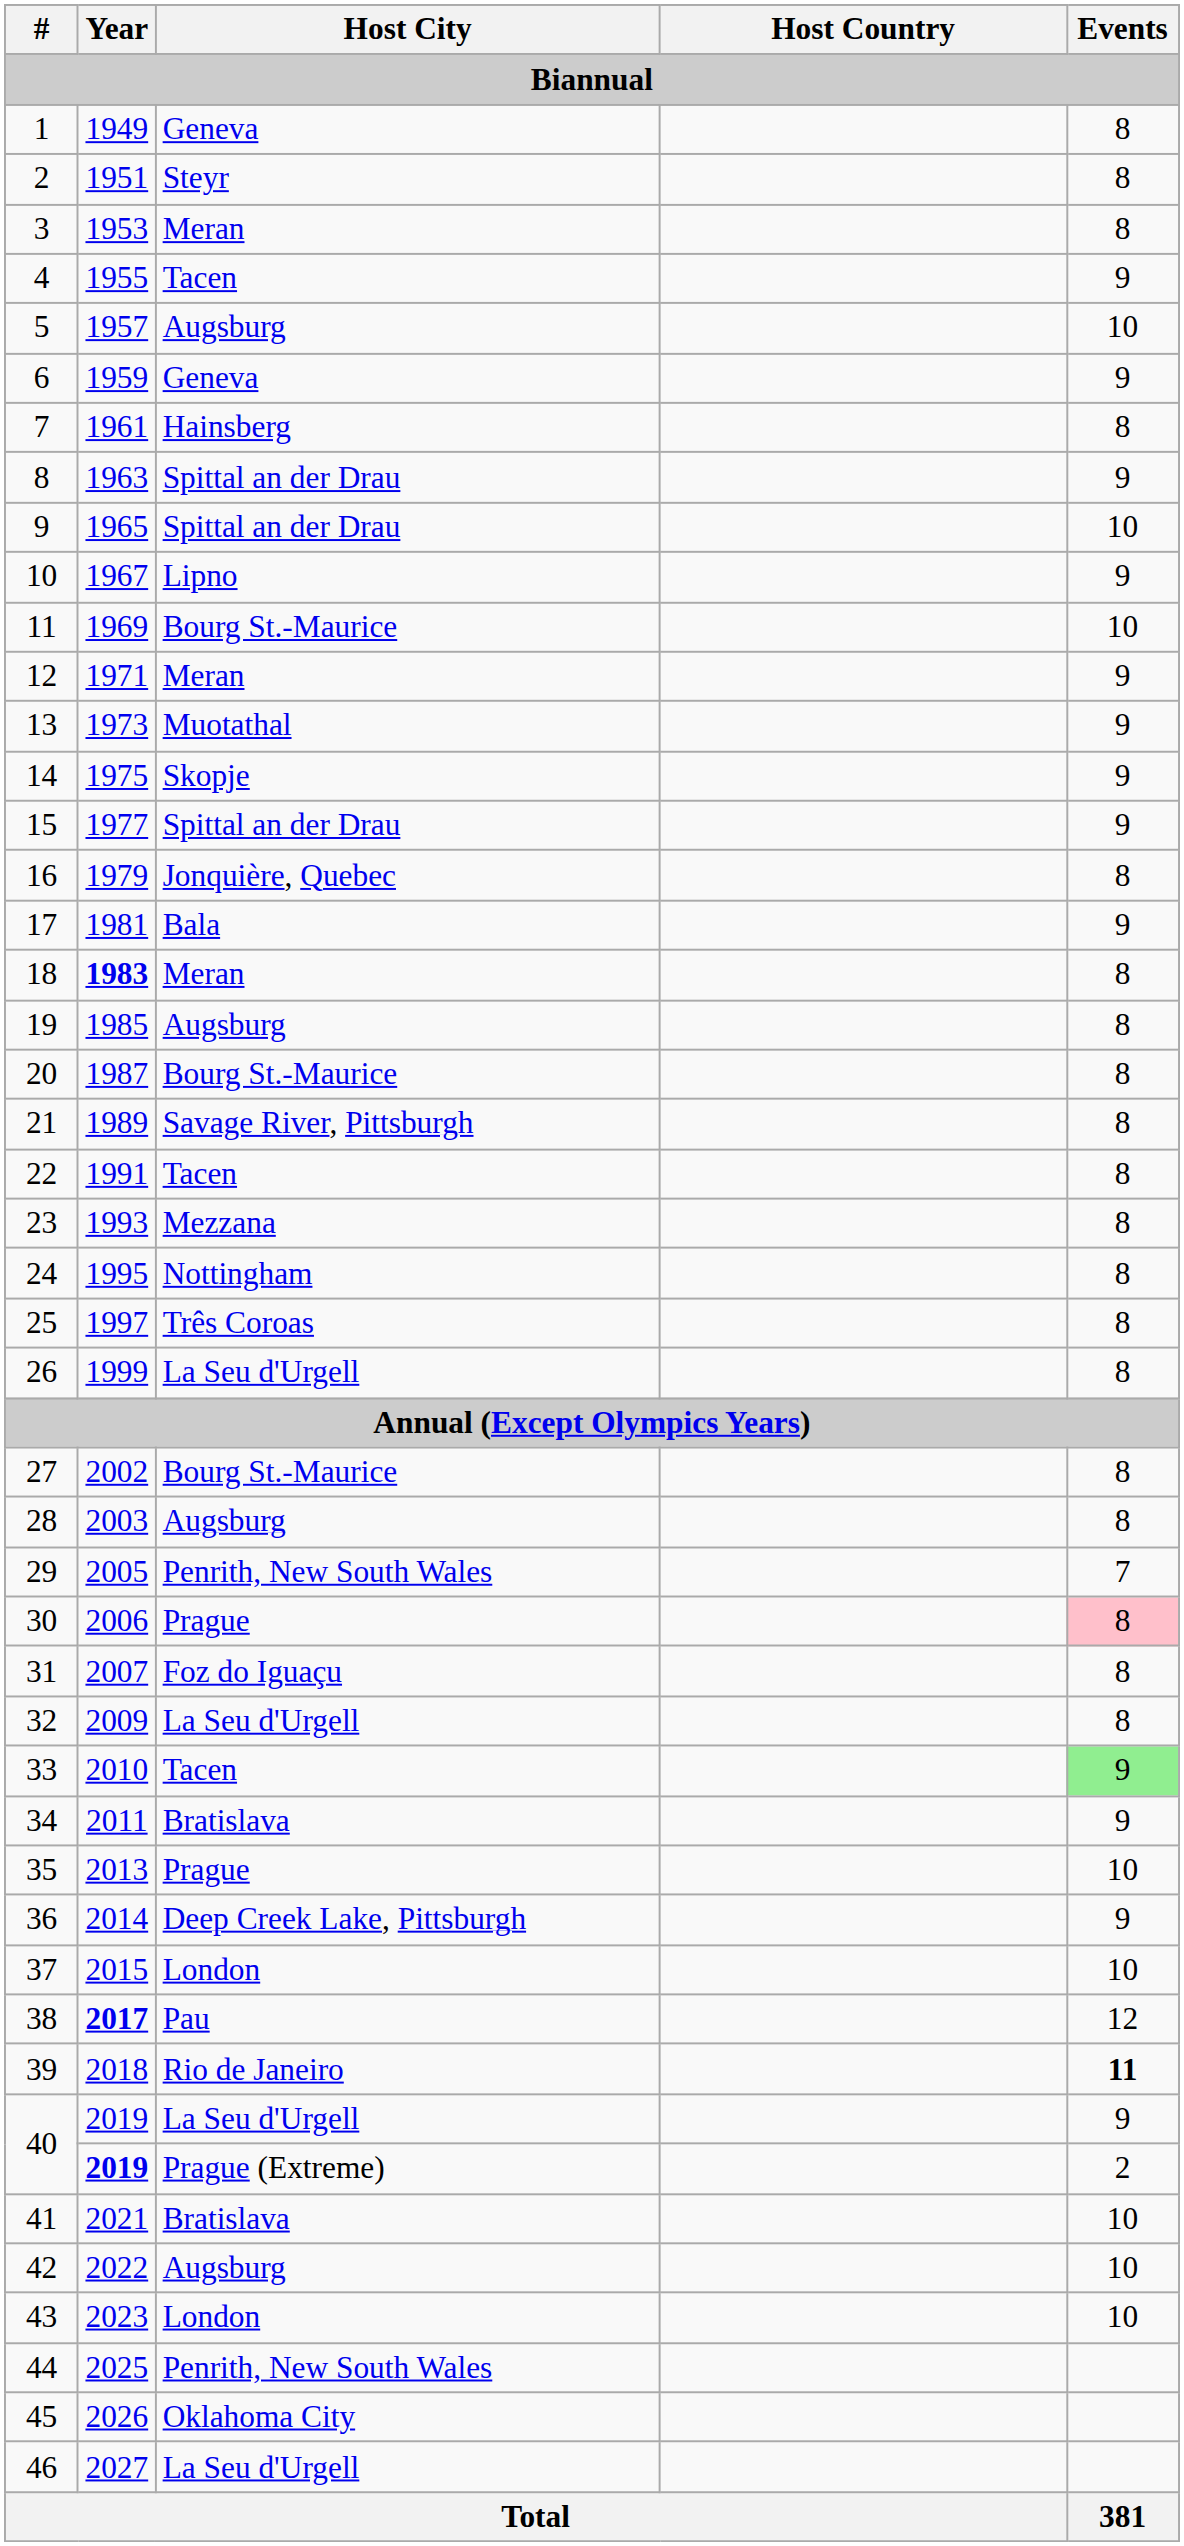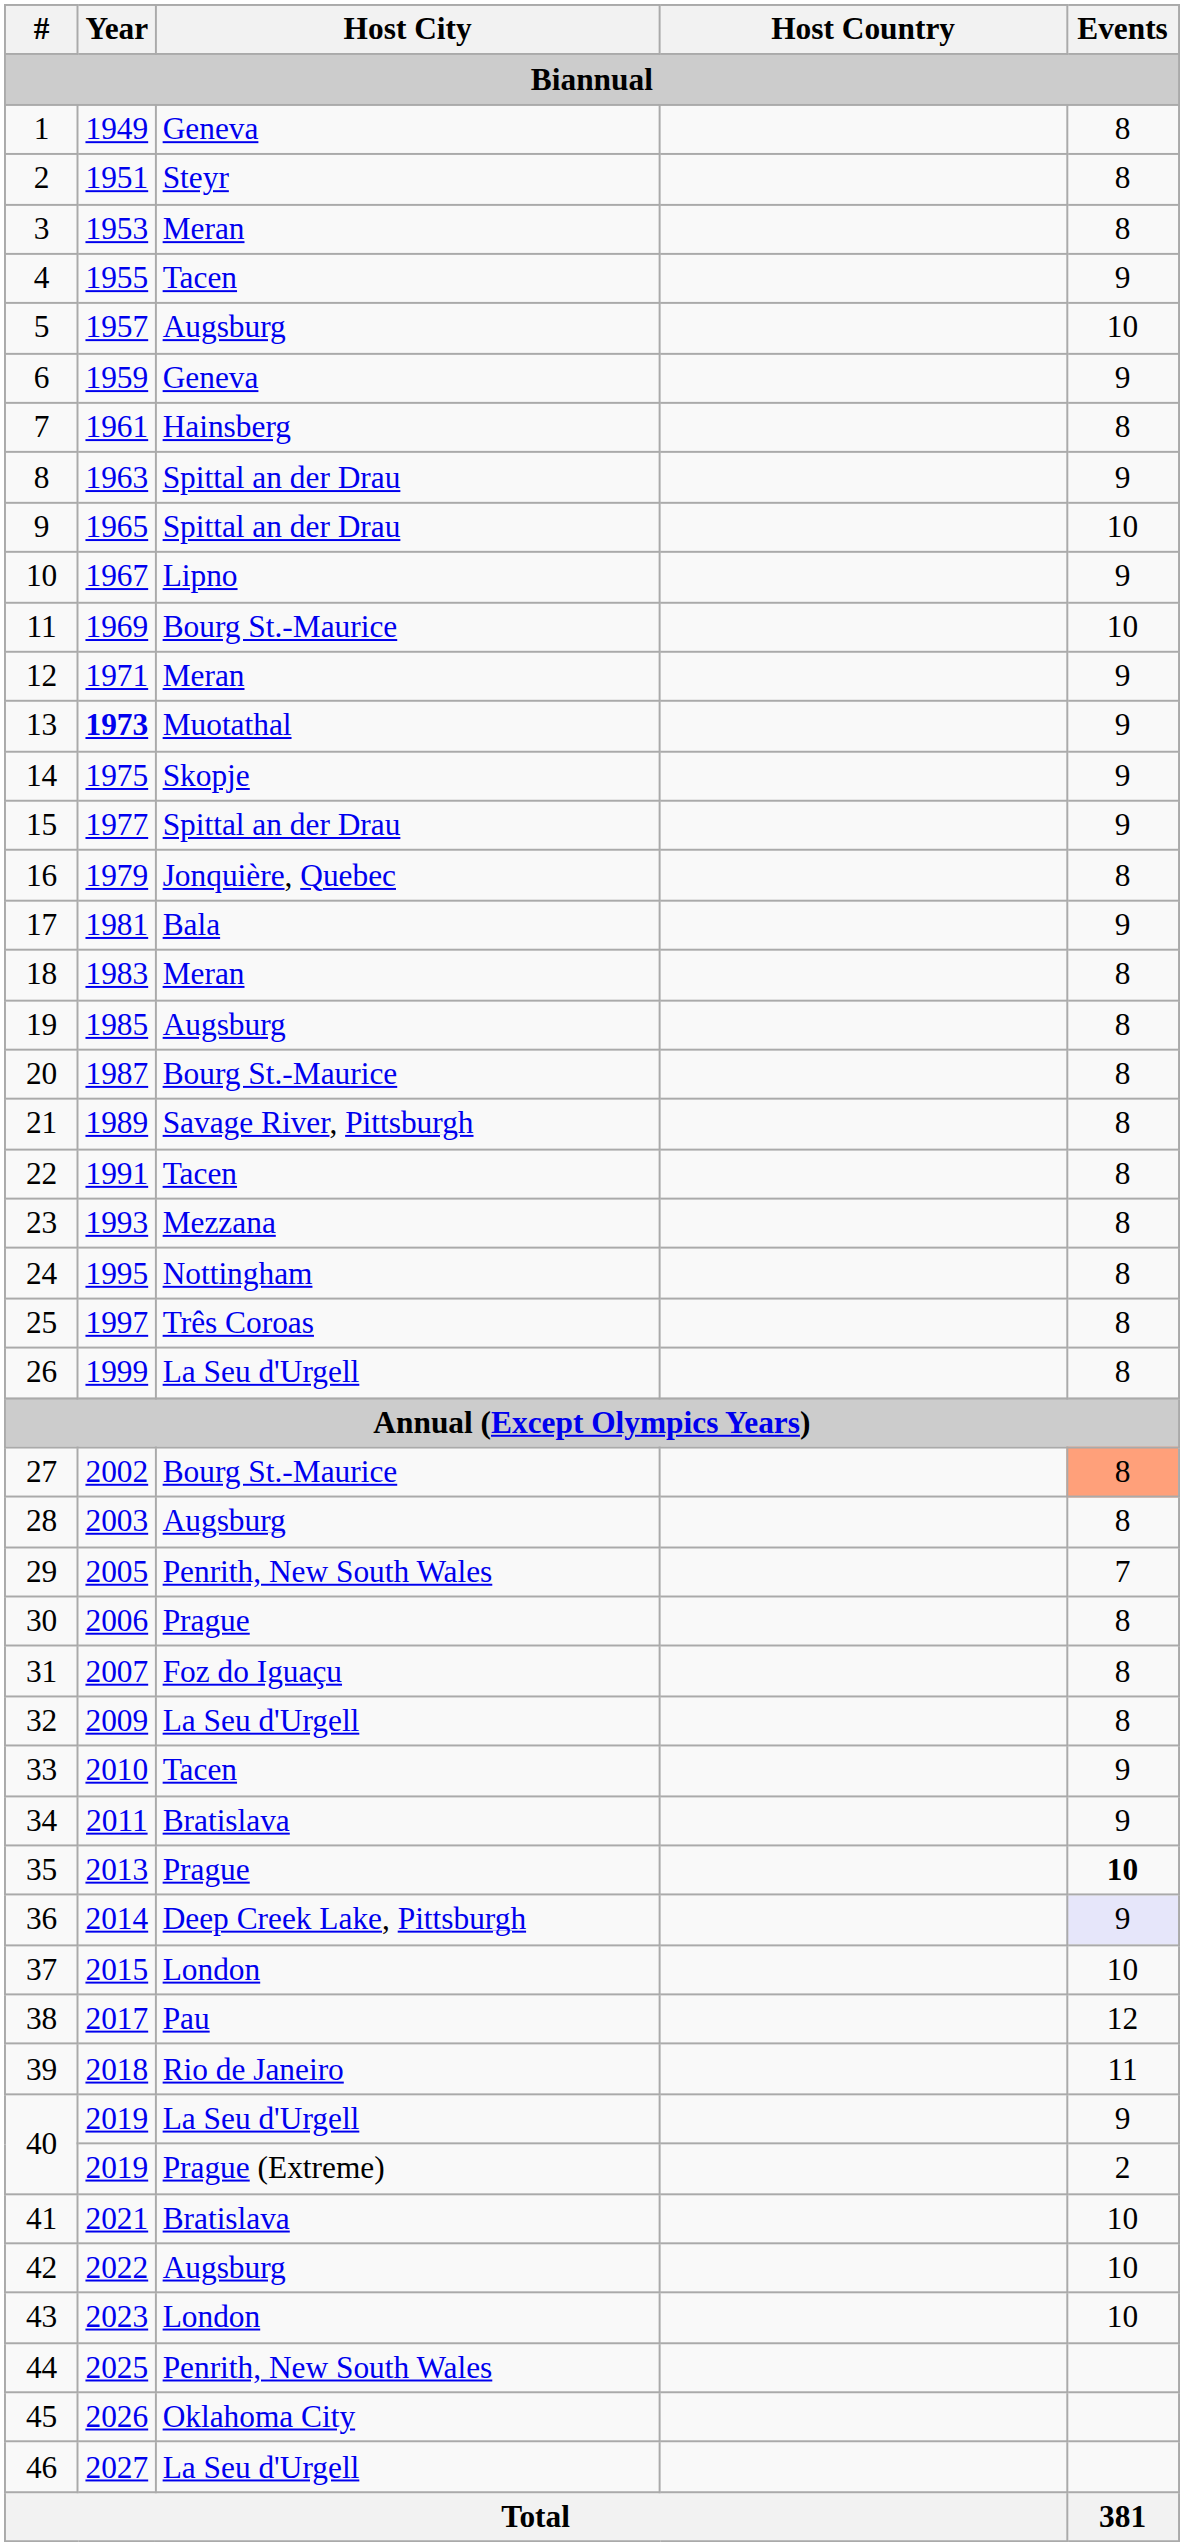 <table class="wikitable sortable" style="font-size:100%">
 <tr>
 <th width=30>#</th>
 <th width=30>Year</th>
 <th width=250>Host City</th>
 <th width=200>Host Country</th>
 <th width=50>Events</th>
 </tr>
 <tr>
 <td colspan="5" bgcolor="#cccccc"align=center><strong>Biannual</strong></td>
 </tr>
 <tr>
 <td align=center>1</td>
 <td align=center><a href='#'>1949</a></td>
 <td><a href='#'>Geneva</a></td>
 <td></td>
 <td align=center>8</td>
 </tr>
 <tr>
 <td align=center>2</td>
 <td align=center><a href='#'>1951</a></td>
 <td><a href='#'>Steyr</a></td>
 <td></td>
 <td align=center>8</td>
 </tr>
 <tr>
 <td align=center>3</td>
 <td align=center><a href='#'>1953</a></td>
 <td><a href='#'>Meran</a></td>
 <td></td>
 <td align=center>8</td>
 </tr>
 <tr>
 <td align=center>4</td>
 <td align=center><a href='#'>1955</a></td>
 <td><a href='#'>Tacen</a></td>
 <td></td>
 <td align=center>9</td>
 </tr>
 <tr>
 <td align=center>5</td>
 <td align=center><a href='#'>1957</a></td>
 <td><a href='#'>Augsburg</a></td>
 <td></td>
 <td align=center>10</td>
 </tr>
 <tr>
 <td align=center>6</td>
 <td align=center><a href='#'>1959</a></td>
 <td><a href='#'>Geneva</a></td>
 <td></td>
 <td align=center>9</td>
 </tr>
 <tr>
 <td align=center>7</td>
 <td align=center><a href='#'>1961</a></td>
 <td><a href='#'>Hainsberg</a></td>
 <td></td>
 <td align=center>8</td>
 </tr>
 <tr>
 <td align=center>8</td>
 <td align=center><a href='#'>1963</a></td>
 <td><a href='#'>Spittal an der Drau</a></td>
 <td></td>
 <td align=center>9</td>
 </tr>
 <tr>
 <td align=center>9</td>
 <td align=center><a href='#'>1965</a></td>
 <td><a href='#'>Spittal an der Drau</a></td>
 <td></td>
 <td align=center>10</td>
 </tr>
 <tr>
 <td align=center>10</td>
 <td align=center><a href='#'>1967</a></td>
 <td><a href='#'>Lipno</a></td>
 <td></td>
 <td align=center>9</td>
 </tr>
 <tr>
 <td align=center>11</td>
 <td align=center><a href='#'>1969</a></td>
 <td><a href='#'>Bourg St.-Maurice</a></td>
 <td></td>
 <td align=center>10</td>
 </tr>
 <tr>
 <td align=center>12</td>
 <td align=center><a href='#'>1971</a></td>
 <td><a href='#'>Meran</a></td>
 <td></td>
 <td align=center>9</td>
 </tr>
 <tr>
 <td align=center>13</td>
-<td align=center><a href='#'>1973</a></td>
+<td align=center><strong><a href='#'>1973</a></strong></td>
 <td><a href='#'>Muotathal</a></td>
 <td></td>
 <td align=center>9</td>
 </tr>
 <tr>
 <td align=center>14</td>
 <td align=center><a href='#'>1975</a></td>
 <td><a href='#'>Skopje</a></td>
 <td></td>
 <td align=center>9</td>
 </tr>
 <tr>
 <td align=center>15</td>
 <td align=center><a href='#'>1977</a></td>
 <td><a href='#'>Spittal an der Drau</a></td>
 <td></td>
 <td align=center>9</td>
 </tr>
 <tr>
 <td align=center>16</td>
 <td align=center><a href='#'>1979</a></td>
 <td><a href='#'>Jonquière</a>, <a href='#'>Quebec</a></td>
 <td></td>
 <td align=center>8</td>
 </tr>
 <tr>
 <td align=center>17</td>
 <td align=center><a href='#'>1981</a></td>
 <td><a href='#'>Bala</a></td>
 <td></td>
 <td align=center>9</td>
 </tr>
 <tr>
 <td align=center>18</td>
-<td align=center><strong><a href='#'>1983</a></strong></td>
+<td align=center><a href='#'>1983</a></td>
 <td><a href='#'>Meran</a></td>
 <td></td>
 <td align=center>8</td>
 </tr>
 <tr>
 <td align=center>19</td>
 <td align=center><a href='#'>1985</a></td>
 <td><a href='#'>Augsburg</a></td>
 <td></td>
 <td align=center>8</td>
 </tr>
 <tr>
 <td align=center>20</td>
 <td align=center><a href='#'>1987</a></td>
 <td><a href='#'>Bourg St.-Maurice</a></td>
 <td></td>
 <td align=center>8</td>
 </tr>
 <tr>
 <td align=center>21</td>
 <td align=center><a href='#'>1989</a></td>
 <td><a href='#'>Savage River</a>, <a href='#'>Pittsburgh</a></td>
 <td></td>
 <td align=center>8</td>
 </tr>
 <tr>
 <td align=center>22</td>
 <td align=center><a href='#'>1991</a></td>
 <td><a href='#'>Tacen</a></td>
 <td></td>
 <td align=center>8</td>
 </tr>
 <tr>
 <td align=center>23</td>
 <td align=center><a href='#'>1993</a></td>
 <td><a href='#'>Mezzana</a></td>
 <td></td>
 <td align=center>8</td>
 </tr>
 <tr>
 <td align=center>24</td>
 <td align=center><a href='#'>1995</a></td>
 <td><a href='#'>Nottingham</a></td>
 <td></td>
 <td align=center>8</td>
 </tr>
 <tr>
 <td align=center>25</td>
 <td align=center><a href='#'>1997</a></td>
 <td><a href='#'>Três Coroas</a></td>
 <td></td>
 <td align=center>8</td>
 </tr>
 <tr>
 <td align=center>26</td>
 <td align=center><a href='#'>1999</a></td>
 <td><a href='#'>La Seu d'Urgell</a></td>
 <td></td>
 <td align=center>8</td>
 </tr>
 <tr>
 <td colspan="5" bgcolor="#cccccc"align=center><strong>Annual (<a href='#'>Except Olympics Years</a>)</strong></td>
 </tr>
 <tr>
 <td align=center>27</td>
 <td align=center><a href='#'>2002</a></td>
 <td><a href='#'>Bourg St.-Maurice</a></td>
 <td></td>
-<td align=center>8</td>
+<td align=center style="background: lightsalmon;">8</td>
 </tr>
 <tr>
 <td align=center>28</td>
 <td align=center><a href='#'>2003</a></td>
 <td><a href='#'>Augsburg</a></td>
 <td></td>
 <td align=center>8</td>
 </tr>
 <tr>
 <td align=center>29</td>
 <td align=center><a href='#'>2005</a></td>
 <td><a href='#'>Penrith, New South Wales</a></td>
 <td></td>
 <td align=center>7</td>
 </tr>
 <tr>
 <td align=center>30</td>
 <td align=center><a href='#'>2006</a></td>
 <td><a href='#'>Prague</a></td>
 <td></td>
-<td align=center style="background: pink;">8</td>
+<td align=center>8</td>
 </tr>
 <tr>
 <td align=center>31</td>
 <td align=center><a href='#'>2007</a></td>
 <td><a href='#'>Foz do Iguaçu</a></td>
 <td></td>
 <td align=center>8</td>
 </tr>
 <tr>
 <td align=center>32</td>
 <td align=center><a href='#'>2009</a></td>
 <td><a href='#'>La Seu d'Urgell</a></td>
 <td></td>
 <td align=center>8</td>
 </tr>
 <tr>
 <td align=center>33</td>
 <td align=center><a href='#'>2010</a></td>
 <td><a href='#'>Tacen</a></td>
 <td></td>
-<td align=center style="background: lightgreen;">9</td>
+<td align=center>9</td>
 </tr>
 <tr>
 <td align=center>34</td>
 <td align=center><a href='#'>2011</a></td>
 <td><a href='#'>Bratislava</a></td>
 <td></td>
 <td align=center>9</td>
 </tr>
 <tr>
 <td align=center>35</td>
 <td align=center><a href='#'>2013</a></td>
 <td><a href='#'>Prague</a></td>
 <td></td>
-<td align=center>10</td>
+<td align=center><strong>10</strong></td>
 </tr>
 <tr>
 <td align=center>36</td>
 <td align=center><a href='#'>2014</a></td>
 <td><a href='#'>Deep Creek Lake</a>, <a href='#'>Pittsburgh</a></td>
 <td></td>
-<td align=center>9</td>
+<td align=center style="background: lavender;">9</td>
 </tr>
 <tr>
 <td align=center>37</td>
 <td align=center><a href='#'>2015</a></td>
 <td><a href='#'>London</a></td>
 <td></td>
 <td align=center>10</td>
 </tr>
 <tr>
 <td align=center>38</td>
-<td align=center><strong><a href='#'>2017</a></strong></td>
+<td align=center><a href='#'>2017</a></td>
 <td><a href='#'>Pau</a></td>
 <td></td>
 <td align=center>12</td>
 </tr>
 <tr>
 <td align=center>39</td>
 <td align=center><a href='#'>2018</a></td>
 <td><a href='#'>Rio de Janeiro</a></td>
 <td></td>
-<td align=center><strong>11</strong></td>
+<td align=center>11</td>
 </tr>
 <tr>
 <td rowspan=2 align=center>40</td>
 <td align=center><a href='#'>2019</a></td>
 <td><a href='#'>La Seu d'Urgell</a></td>
 <td></td>
 <td align=center>9</td>
 </tr>
 <tr>
-<td align=center><strong><a href='#'>2019</a></strong></td>
+<td align=center><a href='#'>2019</a></td>
 <td><a href='#'>Prague</a> (Extreme)</td>
 <td></td>
 <td align=center>2</td>
 </tr>
 <tr>
 <td align=center>41</td>
 <td align=center><a href='#'>2021</a></td>
 <td><a href='#'>Bratislava</a></td>
 <td></td>
 <td align=center>10</td>
 </tr>
 <tr>
 <td align=center>42</td>
 <td align=center><a href='#'>2022</a></td>
 <td><a href='#'>Augsburg</a></td>
 <td></td>
 <td align=center>10</td>
 </tr>
 <tr>
 <td align=center>43</td>
 <td align=center><a href='#'>2023</a></td>
 <td><a href='#'>London</a></td>
 <td></td>
 <td align=center>10</td>
 </tr>
 <tr>
 <td align=center>44</td>
 <td align=center><a href='#'>2025</a></td>
 <td><a href='#'>Penrith, New South Wales</a></td>
 <td></td>
 <td align=center></td>
 </tr>
 <tr>
 <td align=center>45</td>
 <td align=center><a href='#'>2026</a></td>
 <td><a href='#'>Oklahoma City</a></td>
 <td></td>
 <td align=center></td>
 </tr>
 <tr>
 <td align=center>46</td>
 <td align=center><a href='#'>2027</a></td>
 <td><a href='#'>La Seu d'Urgell</a></td>
 <td></td>
 <td align=center></td>
 </tr>
 <tr>
 <th colspan=4>Total</th>
 <th>381</th>
 </tr>
 </table>
